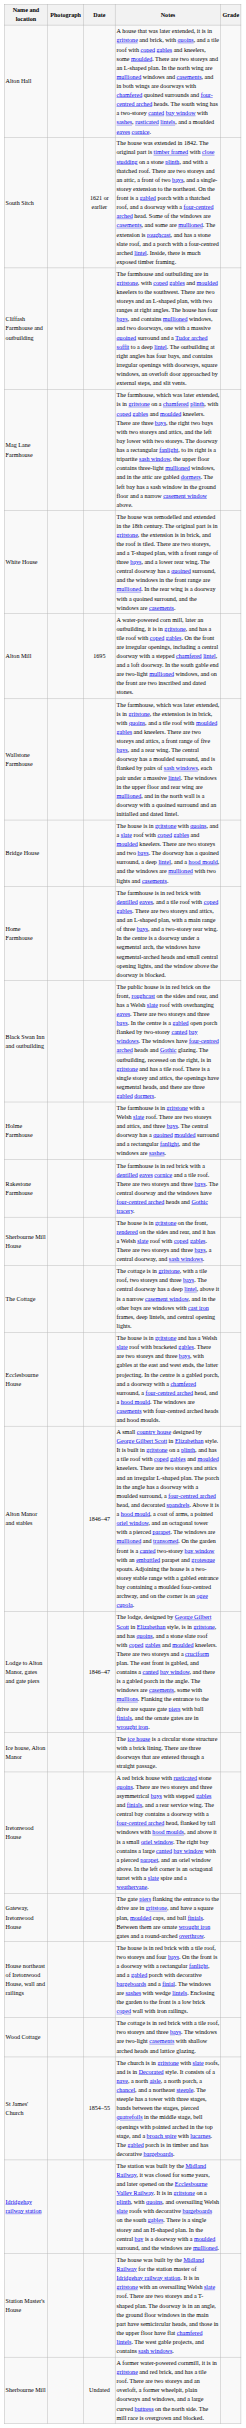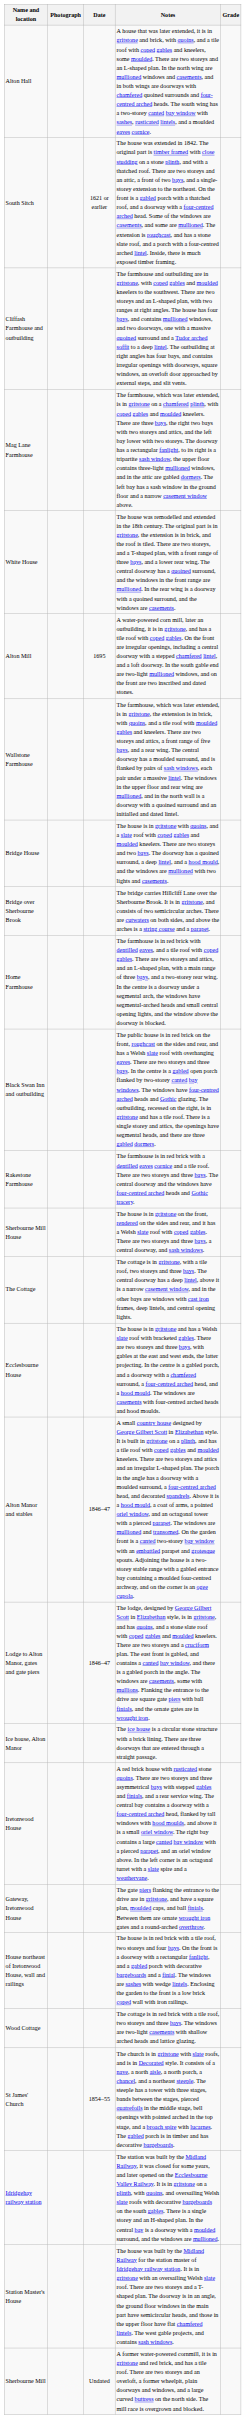 <table class="wikitable sortable plainrowheaders" style="width:100%; border:0; text-align:left; line-height:150%;">
 <tr>
 <th scope="col"  style="width:150px">Name and location</th>
 <th scope="col"  style="width:100px" class="unsortable">Photograph</th>
 <th scope="col"  style="width:120px">Date</th>
 <th scope="col"  style="width:650px" class="unsortable">Notes</th>
 <th scope="col"  style="width:50px">Grade</th>
 </tr>
 <tr>
 <td>Alton Hall<br><small></small></td>
 <td></td>
 <td align="center"></td>
 <td>A house that was later extended, it is in <a href='#'>gritstone</a> and brick, with <a href='#'>quoins</a>, and a tile roof with <a href='#'>coped</a> <a href='#'>gables</a> and kneelers, some <a href='#'>moulded</a>.  There are two storeys and an L-shaped plan.  In the north wing are <a href='#'>mullioned</a> windows and <a href='#'>casements</a>, and in both wings are doorways with <a href='#'>chamfered</a> quoined surrounds and <a href='#'>four-centred arched</a> heads.  The south wing has a two-storey <a href='#'>canted</a> <a href='#'>bay window</a> with <a href='#'>sashes</a>, <a href='#'>rusticated</a> <a href='#'>lintels</a>, and a moulded <a href='#'>eaves</a> <a href='#'>cornice</a>.</td>
 <td align="center" ></td>
 </tr>
 <tr>
 <td>South Sitch<br><small></small></td>
 <td></td>
 <td align="center">1621 or earlier</td>
 <td>The house was extended in 1842.  The original part is <a href='#'>timber framed</a> with <a href='#'>close studding</a> on a stone <a href='#'>plinth</a>, and with a thatched roof.  There are two storeys and an attic, a front of two <a href='#'>bays</a>, and a single-storey extension to the northeast.  On the front is a <a href='#'>gabled</a> porch with a thatched roof,  and a doorway with a <a href='#'>four-centred arched</a> head.  Some of the windows are <a href='#'>casements</a>, and some are <a href='#'>mullioned</a>.  The extension is <a href='#'>roughcast</a>, and has a stone slate roof, and a porch with a four-centred arched <a href='#'>lintel</a>.  Inside, there is much exposed timber framing.</td>
 <td align="center" ></td>
 </tr>
 <tr>
 <td>Cliffash Farmhouse and outbuilding<br><small></small></td>
 <td></td>
 <td align="center"></td>
 <td>The farmhouse and outbuilding are in <a href='#'>gritstone</a>, with <a href='#'>coped</a> <a href='#'>gables</a> and <a href='#'>moulded</a> kneelers to the southwest.  There are two storeys and an L-shaped plan, with two ranges at right angles.  The house has four <a href='#'>bays</a>, and contains <a href='#'>mullioned</a> windows, and two doorways, one with a massive <a href='#'>quoined</a> surround and a <a href='#'>Tudor arched</a> <a href='#'>soffit</a> to a deep <a href='#'>lintel</a>.  The outbuilding at right angles has four bays, and contains irregular openings with doorways, square windows, an overloft door approached by external steps, and slit vents.</td>
 <td align="center" ></td>
 </tr>
 <tr>
 <td>Mag Lane Farmhouse<br><small></small></td>
 <td></td>
 <td align="center"></td>
 <td>The farmhouse, which was later extended, is in <a href='#'>gritstone</a> on a <a href='#'>chamfered</a> <a href='#'>plinth</a>, with <a href='#'>coped</a> <a href='#'>gables</a> and <a href='#'>moulded</a> kneelers.  There are three <a href='#'>bays</a>, the right two bays with two storeys and attics, and the left bay lower with two storeys.  The doorway has a rectangular <a href='#'>fanlight</a>, to its right is a tripartite <a href='#'>sash window</a>, the upper floor contains three-light <a href='#'>mullioned</a> windows, and in the attic are gabled <a href='#'>dormers</a>.  The left bay has a sash window in the ground floor and a narrow <a href='#'>casement window</a> above.</td>
 <td align="center" ></td>
 </tr>
 <tr>
 <td>White House<br><small></small></td>
 <td></td>
 <td align="center"></td>
 <td>The house was remodelled and extended in the 18th century.  The original part is in <a href='#'>gritstone</a>, the extension is in brick, and the roof is tiled.  There are two storeys, and a T-shaped plan, with a front range of three <a href='#'>bays</a>, and a lower rear wing.  The central doorway has a <a href='#'>quoined</a> surround, and the windows in the front range are <a href='#'>mullioned</a>.  In the rear wing is a doorway with a quoined surround, and the windows are <a href='#'>casements</a>.</td>
 <td align="center" ></td>
 </tr>
 <tr>
 <td>Alton Mill<br><small></small></td>
 <td></td>
 <td align="center">1695</td>
 <td>A water-powered corn mill, later an outbuilding, it is in <a href='#'>gritstone</a>, and has a tile roof with <a href='#'>coped</a> <a href='#'>gables</a>.  On the front are irregular openings, including a central doorway with a stepped <a href='#'>chamfered</a> <a href='#'>lintel</a>, and a loft doorway.  In the south gable end are two-light <a href='#'>mullioned</a> windows, and on the front are two inscribed and dated stones.</td>
 <td align="center" ></td>
 </tr>
 <tr>
 <td>Wallstone Farmhouse<br><small></small></td>
 <td></td>
 <td align="center"></td>
 <td>The farmhouse, which was later extended, is in <a href='#'>gritstone</a>, the extension is in brick, with <a href='#'>quoins</a>, and a tile roof with <a href='#'>moulded</a> <a href='#'>gables</a> and kneelers.  There are two storeys and attics, a front range of five <a href='#'>bays</a>, and a rear wing.  The central doorway has a moulded surround, and is flanked by pairs of <a href='#'>sash windows</a>, each pair under a massive <a href='#'>lintel</a>.  The windows in the upper floor and rear wing are <a href='#'>mullioned</a>, and in the north wall is a doorway with a quoined surround and an initialled and dated lintel.</td>
 <td align="center" ></td>
 </tr>
 <tr>
 <td>Bridge House<br><small></small></td>
 <td></td>
 <td align="center"></td>
 <td>The house is in <a href='#'>gritstone</a> with <a href='#'>quoins</a>, and a <a href='#'>slate</a> roof with <a href='#'>coped</a> <a href='#'>gables</a> and <a href='#'>moulded</a> kneelers.  There are two storeys and two <a href='#'>bays</a>.  The doorway has a quoined surround, a deep <a href='#'>lintel</a>, and a <a href='#'>hood mould</a>, and the windows are <a href='#'>mullioned</a> with two lights and <a href='#'>casements</a>.</td>
 <td align="center" ></td>
 </tr>
 <tr>
+<td>Bridge over Sherbourne Brook<br><small></small></td>
+<td></td>
+<td align="center"></td>
+<td>The bridge carries Hillcliff Lane over the Sherbourne Brook.  It is in <a href='#'>gritstone</a>, and consists of two semicircular arches.  There are <a href='#'>cutwaters</a> on both sides, and above the arches is a <a href='#'>string course</a> and a <a href='#'>parapet</a>.</td>
+<td align="center" ></td>
+</tr>
+<tr>
 <td>Home Farmhouse<br><small></small></td>
 <td></td>
 <td align="center"></td>
 <td>The farmhouse is in red brick with <a href='#'>dentilled</a> <a href='#'>eaves</a>, and a tile roof with <a href='#'>coped</a> <a href='#'>gables</a>.  There are two storeys and attics, and an L-shaped plan, with a main range of three <a href='#'>bays</a>, and a two-storey rear wing.  In the centre is a doorway under a segmental arch, the windows have segmental-arched heads and small central opening lights, and the window above the doorway is blocked.</td>
 <td align="center" ></td>
 </tr>
 <tr>
 <td>Black Swan Inn and outbuilding<br><small></small></td>
 <td></td>
 <td align="center"></td>
 <td>The public house is in red brick on the front, <a href='#'>roughcast</a> on the sides and rear, and has a Welsh <a href='#'>slate</a> roof with overhanging <a href='#'>eaves</a>.  There are two storeys and three <a href='#'>bays</a>.  In the centre is a <a href='#'>gabled</a> open porch flanked by two-storey <a href='#'>canted</a> <a href='#'>bay windows</a>.  The windows have <a href='#'>four-centred arched</a> heads and <a href='#'>Gothic</a> glazing.  The outbuilding, recessed on the right, is in <a href='#'>gritstone</a> and has a tile roof.  There is a single storey and attics, the openings have segmental heads, and there are three <a href='#'>gabled</a> <a href='#'>dormers</a>.</td>
-<td align="center" ></td>
-</tr>
-<tr>
-<td>Holme Farmhouse<br><small></small></td>
-<td></td>
-<td align="center"></td>
-<td>The farmhouse is in <a href='#'>gritstone</a> with a Welsh <a href='#'>slate</a> roof.  There are two storeys and attics, and three <a href='#'>bays</a>.  The central doorway has a <a href='#'>quoined</a> <a href='#'>moulded</a> surround and a rectangular <a href='#'>fanlight</a>, and the windows are <a href='#'>sashes</a>.</td>
 <td align="center" ></td>
 </tr>
 <tr>
 <td>Rakestone Farmhouse<br><small></small></td>
 <td></td>
 <td align="center"></td>
 <td>The farmhouse is in red brick with a <a href='#'>dentilled</a> <a href='#'>eaves</a> <a href='#'>cornice</a> and a tile roof.  There are two storeys and three <a href='#'>bays</a>.  The central doorway and the windows have <a href='#'>four-centred arched</a> heads and <a href='#'>Gothic</a> <a href='#'>tracery</a>.</td>
 <td align="center" ></td>
 </tr>
 <tr>
 <td>Sherbourne Mill House<br><small></small></td>
 <td></td>
 <td align="center"></td>
 <td>The house is in <a href='#'>gritstone</a> on the front, <a href='#'>rendered</a> on the sides and rear, and it has a Welsh <a href='#'>slate</a> roof with <a href='#'>coped</a> <a href='#'>gables</a>.  There are two storeys and three <a href='#'>bays</a>, a central doorway, and <a href='#'>sash windows</a>.</td>
 <td align="center" ></td>
 </tr>
 <tr>
 <td>The Cottage<br><small></small></td>
 <td></td>
 <td align="center"></td>
 <td>The cottage is in <a href='#'>gritstone</a>, with a tile roof, two storeys and three <a href='#'>bays</a>.  The central doorway has a deep <a href='#'>lintel</a>, above it is a narrow <a href='#'>casement window</a>, and in the other bays are windows with <a href='#'>cast iron</a> frames, deep lintels, and central opening lights.</td>
 <td align="center" ></td>
 </tr>
 <tr>
 <td>Ecclesbourne House<br><small></small></td>
 <td></td>
 <td align="center"></td>
 <td>The house is in <a href='#'>gritstone</a> and has a Welsh <a href='#'>slate</a> roof with bracketed <a href='#'>gables</a>.  There are two storeys and three <a href='#'>bays</a>, with gables at the east and west ends, the latter projecting.  In the centre is a gabled porch, and a doorway with a <a href='#'>chamfered</a> surround, a <a href='#'>four-centred arched</a> head, and a <a href='#'>hood mould</a>.  The windows are <a href='#'>casements</a>  with four-centred arched heads and hood moulds.</td>
 <td align="center" ></td>
 </tr>
 <tr>
 <td>Alton Manor and stables<br><small></small></td>
 <td></td>
 <td align="center">1846–47</td>
 <td>A small <a href='#'>country house</a> designed by <a href='#'>George Gilbert Scott</a> in <a href='#'>Elizabethan</a> style.  It is built in <a href='#'>gritstone</a> on a <a href='#'>plinth</a>, and has a tile roof with <a href='#'>coped</a> <a href='#'>gables</a> and <a href='#'>moulded</a> kneelers. There are two storeys and attics and an irregular L-shaped plan.  The porch in the angle has a doorway with a moulded surround, a <a href='#'>four-centred arched</a> head, and decorated <a href='#'>spandrels</a>.  Above it is a <a href='#'>hood mould</a>, a coat of arms, a pointed <a href='#'>oriel window</a>, and an octagonal tower with a pierced <a href='#'>parapet</a>.  The windows are <a href='#'>mullioned</a> and <a href='#'>transomed</a>.  On the garden front is a <a href='#'>canted</a> two-storey <a href='#'>bay window</a> with an <a href='#'>embattled</a> parapet and <a href='#'>grotesque</a> spouts.  Adjoining the house is a two-storey stable range with a gabled entrance bay containing a moulded four-centred archway, and on the corner is an <a href='#'>ogee</a> <a href='#'>cupola</a>.</td>
 <td align="center" ></td>
 </tr>
 <tr>
 <td>Lodge to Alton Manor, gates and gate piers<br><small></small></td>
 <td></td>
 <td align="center">1846–47</td>
 <td>The lodge, designed by <a href='#'>George Gilbert Scott</a> in <a href='#'>Elizabethan</a> style, is in <a href='#'>gritstone</a>, and has <a href='#'>quoins</a>, and a stone slate roof with <a href='#'>coped</a> <a href='#'>gables</a> and <a href='#'>moulded</a> kneelers.  There are two storeys and a <a href='#'>cruciform</a> plan.  The east front is gabled, and contains a <a href='#'>canted</a> <a href='#'>bay window</a>, and there is a gabled porch in the angle.  The windows are <a href='#'>casements</a>, some with <a href='#'>mullions</a>.  Flanking the entrance to the drive are square gate <a href='#'>piers</a> with ball <a href='#'>finials</a>, and the ornate gates are in <a href='#'>wrought iron</a>.</td>
 <td align="center" ></td>
 </tr>
 <tr>
 <td>Ice house, Alton Manor<br><small></small></td>
 <td></td>
 <td align="center"></td>
 <td>The <a href='#'>ice house</a> is a circular stone structure with a brick lining.  There are three doorways that are entered through a straight passage.</td>
 <td align="center" ></td>
 </tr>
 <tr>
 <td>Iretonwood House<br><small></small></td>
 <td></td>
 <td align="center"></td>
 <td>A red brick house with <a href='#'>rusticated</a> stone <a href='#'>quoins</a>.  There are two storeys and three asymmetrical <a href='#'>bays</a> with stepped <a href='#'>gables</a> and <a href='#'>finials</a>, and a rear service wing.  The central bay contains a doorway with a <a href='#'>four-centred arched</a> head, flanked by tall windows with <a href='#'>hood moulds</a>, and above it is a small <a href='#'>oriel window</a>.  The right bay contains a large <a href='#'>canted</a> <a href='#'>bay window</a> with a pierced <a href='#'>parapet</a>, and an oriel window above.  In the left corner is an octagonal turret with a <a href='#'>slate</a> spire and a <a href='#'>weathervane</a>.</td>
 <td align="center" ></td>
 </tr>
 <tr>
 <td>Gateway, Iretonwood House<br><small></small></td>
 <td></td>
 <td align="center"></td>
 <td>The gate <a href='#'>piers</a> flanking the entrance to the drive are in <a href='#'>gritstone</a>, and have a square plan, <a href='#'>moulded</a> caps, and ball <a href='#'>finials</a>.  Between them are ornate <a href='#'>wrought iron</a> gates and a round-arched <a href='#'>overthrow</a>.</td>
 <td align="center" ></td>
 </tr>
 <tr>
 <td>House northeast of Iretonwood House, wall and railings<br><small></small></td>
 <td></td>
 <td align="center"></td>
 <td>The house is in red brick with a tile roof, two storeys and four <a href='#'>bays</a>.  On the front is a doorway with a rectangular <a href='#'>fanlight</a>, and a <a href='#'>gabled</a> porch with decorative <a href='#'>bargeboards</a> and a <a href='#'>finial</a>.  The windows are <a href='#'>sashes</a> with wedge <a href='#'>lintels</a>.  Enclosing the garden to the front is a low brick <a href='#'>coped</a> wall with iron railings.</td>
 <td align="center" ></td>
 </tr>
 <tr>
 <td>Wood Cottage<br><small></small></td>
 <td></td>
 <td align="center"></td>
 <td>The cottage is in red brick with a tile roof, two storeys and three <a href='#'>bays</a>.  The windows are two-light <a href='#'>casements</a> with shallow arched heads and lattice glazing.</td>
 <td align="center" ></td>
 </tr>
 <tr>
 <td>St James' Church<br><small></small></td>
 <td></td>
 <td align="center">1854–55</td>
 <td>The church is in <a href='#'>gritstone</a> with <a href='#'>slate</a> roofs, and is in <a href='#'>Decorated</a> style.  It consists of a <a href='#'>nave</a>, a north <a href='#'>aisle</a>, a north porch, a <a href='#'>chancel</a>, and a northeast <a href='#'>steeple</a>.  The steeple has a tower with three stages, bands between the stages, pierced <a href='#'>quatrefoils</a> in the middle stage, bell openings with pointed arched in the top stage, and a <a href='#'>broach spire</a> with <a href='#'>lucarnes</a>.  The <a href='#'>gabled</a> porch is in timber and has decorative <a href='#'>bargeboards</a>.</td>
 <td align="center" ></td>
 </tr>
 <tr>
 <td><a href='#'>Idridgehay railway station</a><br><small></small></td>
 <td></td>
 <td align="center"></td>
 <td>The station was built by the <a href='#'>Midland Railway</a>, it was closed for some years, and later opened on the <a href='#'>Ecclesbourne Valley Railway</a>.  It is in <a href='#'>gritstone</a> on a <a href='#'>plinth</a>, with <a href='#'>quoins</a>, and oversailing Welsh <a href='#'>slate</a> roofs with decorative <a href='#'>bargeboards</a> on the south <a href='#'>gables</a>.  There is a single storey and an H-shaped plan.  In the central <a href='#'>bay</a> is a doorway with a <a href='#'>moulded</a> surround, and the windows are <a href='#'>mullioned</a>.</td>
 <td align="center" ></td>
 </tr>
 <tr>
 <td>Station Master's House<br><small></small></td>
 <td></td>
 <td align="center"></td>
 <td>The house was built by the <a href='#'>Midland Railway</a> for the station master of <a href='#'>Idridgehay railway station</a>.  It is in <a href='#'>gritstone</a> with an oversailing Welsh <a href='#'>slate</a> roof.  There are two storeys and a T-shaped plan.  The doorway is in an angle, the ground floor windows in the main part have semicircular heads, and those in the upper floor have flat <a href='#'>chamfered</a> <a href='#'>lintels</a>.  The west gable projects, and contains <a href='#'>sash windows</a>.</td>
 <td align="center" ></td>
 </tr>
 <tr>
 <td>Sherbourne Mill<br><small></small></td>
 <td></td>
 <td align="center">Undated</td>
 <td>A former water-powered cornmill, it is in <a href='#'>gritstone</a> and red brick, and has a tile roof.  There are two storeys and an overloft, a former wheelpit, plain doorways and windows, and a large curved <a href='#'>buttress</a> on the north side.  The mill race is overgrown and blocked.</td>
 <td align="center" ></td>
 </tr>
 <tr>
 </tr>
 </table>
